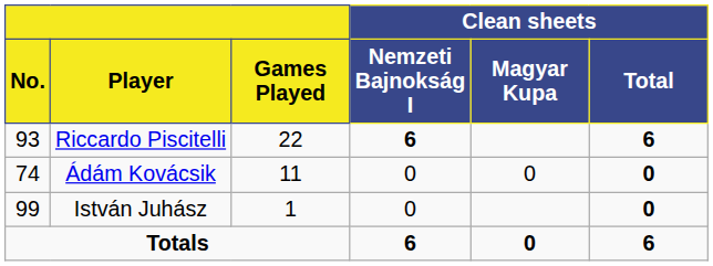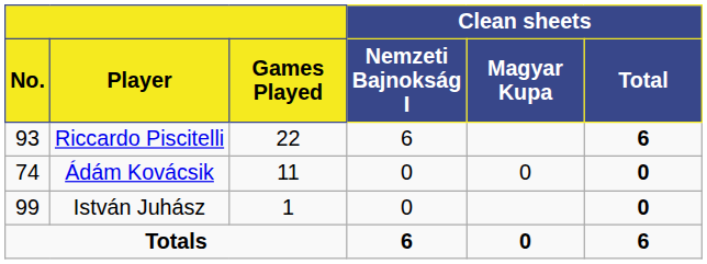 <table class="wikitable sortable alternance" style="text-align:center">
 <tr>
 <th colspan="3" style="background:#F5EA1F;border:1px solid #38478A"></th>
 <th colspan="4" style="background:#38478A;color:white;border:1px solid #F5EA1F">Clean sheets</th>
 </tr>
 <tr>
 <th style="background-color:#F5EA1F;color:black;border:1px solid #38478A">No.</th>
 <th style="background-color:#F5EA1F;color:black;border:1px solid #38478A">Player</th>
 <th width=80 style="background-color:#F5EA1F;color:black;border:1px solid #38478A">Games Played</th>
 <th width=80 style="background-color:#38478A;color:white;border:1px solid #F5EA1F">Nemzeti Bajnokság I</th>
 <th width=80 style="background-color:#38478A;color:white;border:1px solid #F5EA1F">Magyar Kupa</th>
 <th width=80 style="background-color:#38478A;color:white;border:1px solid #F5EA1F">Total</th>
 </tr>
 <tr>
 <td>93</td>
 <td> <a href='#'>Riccardo Piscitelli</a></td>
 <td>22</td>
-<td><strong>6</strong></td>
+<td>6</td>
 <td></td>
 <td><strong>6</strong></td>
 </tr>
 <tr>
 <td>74</td>
 <td> <a href='#'>Ádám Kovácsik</a></td>
 <td>11</td>
 <td>0</td>
 <td>0</td>
 <td><strong>0</strong></td>
 </tr>
 <tr>
 <td>99</td>
 <td> István Juhász</td>
 <td>1</td>
 <td>0</td>
 <td></td>
 <td><strong>0</strong></td>
 </tr>
 <tr class="sortbottom">
 <td colspan="3"><strong>Totals</strong></td>
 <td><strong>6</strong></td>
 <td><strong>0</strong></td>
 <td><strong>6</strong></td>
 </tr>
 </table>
